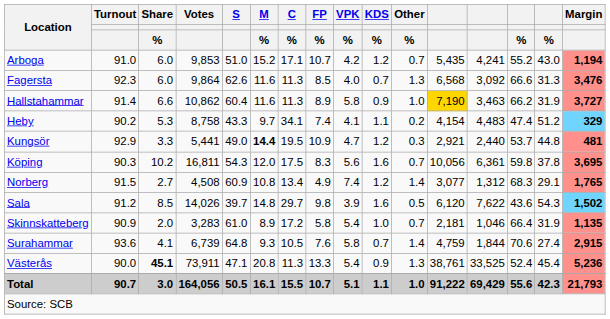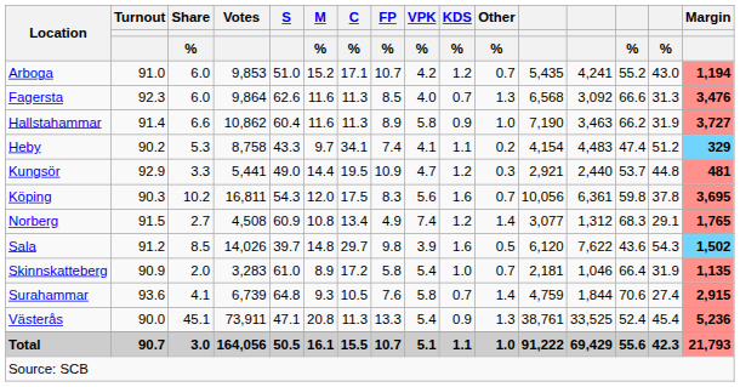 <table class="wikitable sortable" style="text-align:right; font-size:95%; line-height:20px;">
 <tr>
 <th rowspan="3">Location</th>
 <th>Turnout</th>
 <th>Share</th>
 <th>Votes</th>
 <th width="30px" class="unsortable"><a href='#'>S</a></th>
 <th width="30px" class="unsortable"><a href='#'>M</a></th>
 <th width="30px" class="unsortable"><a href='#'>C</a></th>
 <th width="30px" class="unsortable"><a href='#'>FP</a></th>
 <th width="30px" class="unsortable"><a href='#'>VPK</a></th>
 <th width="30px" class="unsortable"><a href='#'>KDS</a></th>
 <th width="30px" class="unsortable">Other</th>
 <th></th>
 <th></th>
 <th></th>
 <th></th>
 <th>Margin</th>
 </tr>
 <tr>
 <th></th>
 <th></th>
 <th></th>
 <th style="background:"></th>
 <th style="background:"></th>
 <th style="background:"></th>
 <th style="background:"></th>
 <th style="background:"></th>
 <th style="background:"></th>
 <th style="background:"></th>
 <th style="background:"></th>
 <th style="background:"></th>
 <th style="background:"></th>
 <th style="background:"></th>
 <th></th>
 </tr>
 <tr>
 <th></th>
 <th data-sort-type="number">%</th>
 <th data-sort-type="number"></th>
 <th></th>
 <th data-sort-type="number">%</th>
 <th data-sort-type="number">%</th>
 <th data-sort-type="number">%</th>
 <th data-sort-type="number">%</th>
 <th data-sort-type="number">%</th>
 <th data-sort-type="number">%</th>
 <th data-sort-type="number"></th>
 <th data-sort-type="number"></th>
 <th data-sort-type="number">%</th>
 <th data-sort-type="number">%</th>
 <th data-sort-type="number"></th>
 </tr>
 <tr>
 <td align=left><a href='#'>Arboga</a></td>
 <td>91.0</td>
 <td>6.0</td>
 <td>9,853</td>
 <td>51.0</td>
 <td>15.2</td>
 <td>17.1</td>
 <td>10.7</td>
 <td>4.2</td>
 <td>1.2</td>
 <td>0.7</td>
 <td>5,435</td>
 <td>4,241</td>
 <td>55.2</td>
 <td>43.0</td>
 <td bgcolor=#ff908c><strong>1,194</strong></td>
 </tr>
 <tr>
 <td align=left><a href='#'>Fagersta</a></td>
 <td>92.3</td>
 <td>6.0</td>
 <td>9,864</td>
 <td>62.6</td>
 <td>11.6</td>
 <td>11.3</td>
 <td>8.5</td>
 <td>4.0</td>
 <td>0.7</td>
 <td>1.3</td>
 <td>6,568</td>
 <td>3,092</td>
 <td>66.6</td>
 <td>31.3</td>
 <td bgcolor=#ff908c><strong>3,476</strong></td>
 </tr>
 <tr>
 <td align=left><a href='#'>Hallstahammar</a></td>
 <td>91.4</td>
 <td>6.6</td>
 <td>10,862</td>
 <td>60.4</td>
 <td>11.6</td>
 <td>11.3</td>
 <td>8.9</td>
 <td>5.8</td>
 <td>0.9</td>
 <td>1.0</td>
-<td style="background: gold;">7,190</td>
+<td>7,190</td>
 <td>3,463</td>
 <td>66.2</td>
 <td>31.9</td>
 <td bgcolor=#ff908c><strong>3,727</strong></td>
 </tr>
 <tr>
 <td align=left><a href='#'>Heby</a></td>
 <td>90.2</td>
 <td>5.3</td>
 <td>8,758</td>
 <td>43.3</td>
 <td>9.7</td>
 <td>34.1</td>
 <td>7.4</td>
 <td>4.1</td>
 <td>1.1</td>
 <td>0.2</td>
 <td>4,154</td>
 <td>4,483</td>
 <td>47.4</td>
 <td>51.2</td>
 <td bgcolor=#6fd5fe><strong>329</strong></td>
 </tr>
 <tr>
 <td align=left><a href='#'>Kungsör</a></td>
 <td>92.9</td>
 <td>3.3</td>
 <td>5,441</td>
 <td>49.0</td>
-<td><strong>14.4</strong></td>
+<td>14.4</td>
 <td>19.5</td>
 <td>10.9</td>
 <td>4.7</td>
 <td>1.2</td>
 <td>0.3</td>
 <td>2,921</td>
 <td>2,440</td>
 <td>53.7</td>
 <td>44.8</td>
 <td bgcolor=#ff908c><strong>481</strong></td>
 </tr>
 <tr>
 <td align=left><a href='#'>Köping</a></td>
 <td>90.3</td>
 <td>10.2</td>
 <td>16,811</td>
 <td>54.3</td>
 <td>12.0</td>
 <td>17.5</td>
 <td>8.3</td>
 <td>5.6</td>
 <td>1.6</td>
 <td>0.7</td>
 <td>10,056</td>
 <td>6,361</td>
 <td>59.8</td>
 <td>37.8</td>
 <td bgcolor=#ff908c><strong>3,695</strong></td>
 </tr>
 <tr>
 <td align=left><a href='#'>Norberg</a></td>
 <td>91.5</td>
 <td>2.7</td>
 <td>4,508</td>
 <td>60.9</td>
 <td>10.8</td>
 <td>13.4</td>
 <td>4.9</td>
 <td>7.4</td>
 <td>1.2</td>
 <td>1.4</td>
 <td>3,077</td>
 <td>1,312</td>
 <td>68.3</td>
 <td>29.1</td>
 <td bgcolor=#ff908c><strong>1,765</strong></td>
 </tr>
 <tr>
 <td align=left><a href='#'>Sala</a></td>
 <td>91.2</td>
 <td>8.5</td>
 <td>14,026</td>
 <td>39.7</td>
 <td>14.8</td>
 <td>29.7</td>
 <td>9.8</td>
 <td>3.9</td>
 <td>1.6</td>
 <td>0.5</td>
 <td>6,120</td>
 <td>7,622</td>
 <td>43.6</td>
 <td>54.3</td>
 <td bgcolor=#6fd5fe><strong>1,502</strong></td>
 </tr>
 <tr>
 <td align=left><a href='#'>Skinnskatteberg</a></td>
 <td>90.9</td>
 <td>2.0</td>
 <td>3,283</td>
 <td>61.0</td>
 <td>8.9</td>
 <td>17.2</td>
 <td>5.8</td>
 <td>5.4</td>
 <td>1.0</td>
 <td>0.7</td>
 <td>2,181</td>
 <td>1,046</td>
 <td>66.4</td>
 <td>31.9</td>
 <td bgcolor=#ff908c><strong>1,135</strong></td>
 </tr>
 <tr>
 <td align=left><a href='#'>Surahammar</a></td>
 <td>93.6</td>
 <td>4.1</td>
 <td>6,739</td>
 <td>64.8</td>
 <td>9.3</td>
 <td>10.5</td>
 <td>7.6</td>
 <td>5.8</td>
 <td>0.7</td>
 <td>1.4</td>
 <td>4,759</td>
 <td>1,844</td>
 <td>70.6</td>
 <td>27.4</td>
 <td bgcolor=#ff908c><strong>2,915</strong></td>
 </tr>
 <tr>
 <td align=left><a href='#'>Västerås</a></td>
 <td>90.0</td>
-<td><strong>45.1</strong></td>
+<td>45.1</td>
 <td>73,911</td>
 <td>47.1</td>
 <td>20.8</td>
 <td>11.3</td>
 <td>13.3</td>
 <td>5.4</td>
 <td>0.9</td>
 <td>1.3</td>
 <td>38,761</td>
 <td>33,525</td>
 <td>52.4</td>
 <td>45.4</td>
 <td bgcolor=#ff908c><strong>5,236</strong></td>
 </tr>
 <tr>
 </tr>
 <tr style="background:#CDCDCD;">
 <td align=left><strong>Total</strong></td>
 <td><strong>90.7</strong></td>
 <td><strong>3.0</strong></td>
 <td><strong>164,056</strong></td>
 <td><strong>50.5</strong></td>
 <td><strong>16.1</strong></td>
 <td><strong>15.5</strong></td>
 <td><strong>10.7</strong></td>
 <td><strong>5.1</strong></td>
 <td><strong>1.1</strong></td>
 <td><strong>1.0</strong></td>
 <td><strong>91,222</strong></td>
 <td><strong>69,429</strong></td>
 <td><strong>55.6</strong></td>
 <td><strong>42.3</strong></td>
 <td bgcolor=#ff908c><strong>21,793</strong></td>
 </tr>
 <tr>
 <td align=left colspan=16>Source: SCB </td>
 </tr>
 </table>
